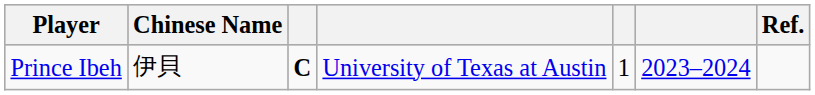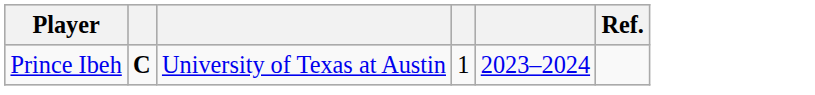 <table class="wikitable sortable" style="font-size:95%; text-align:left;">
 <tr>
 <th>Player</th>
-<th>Chinese Name</th>
 <th></th>
 <th></th>
 <th></th>
 <th></th>
 <th>Ref.</th>
 </tr>
 <tr>
 <td><a href='#'>Prince Ibeh</a></td>
-<td>伊貝</td>
 <td align="center"><strong>C</strong></td>
 <td><a href='#'>University of Texas at Austin</a></td>
 <td align="center">1</td>
 <td align="center"><a href='#'>2023–2024</a></td>
 <td></td>
 </tr>
 </table>
